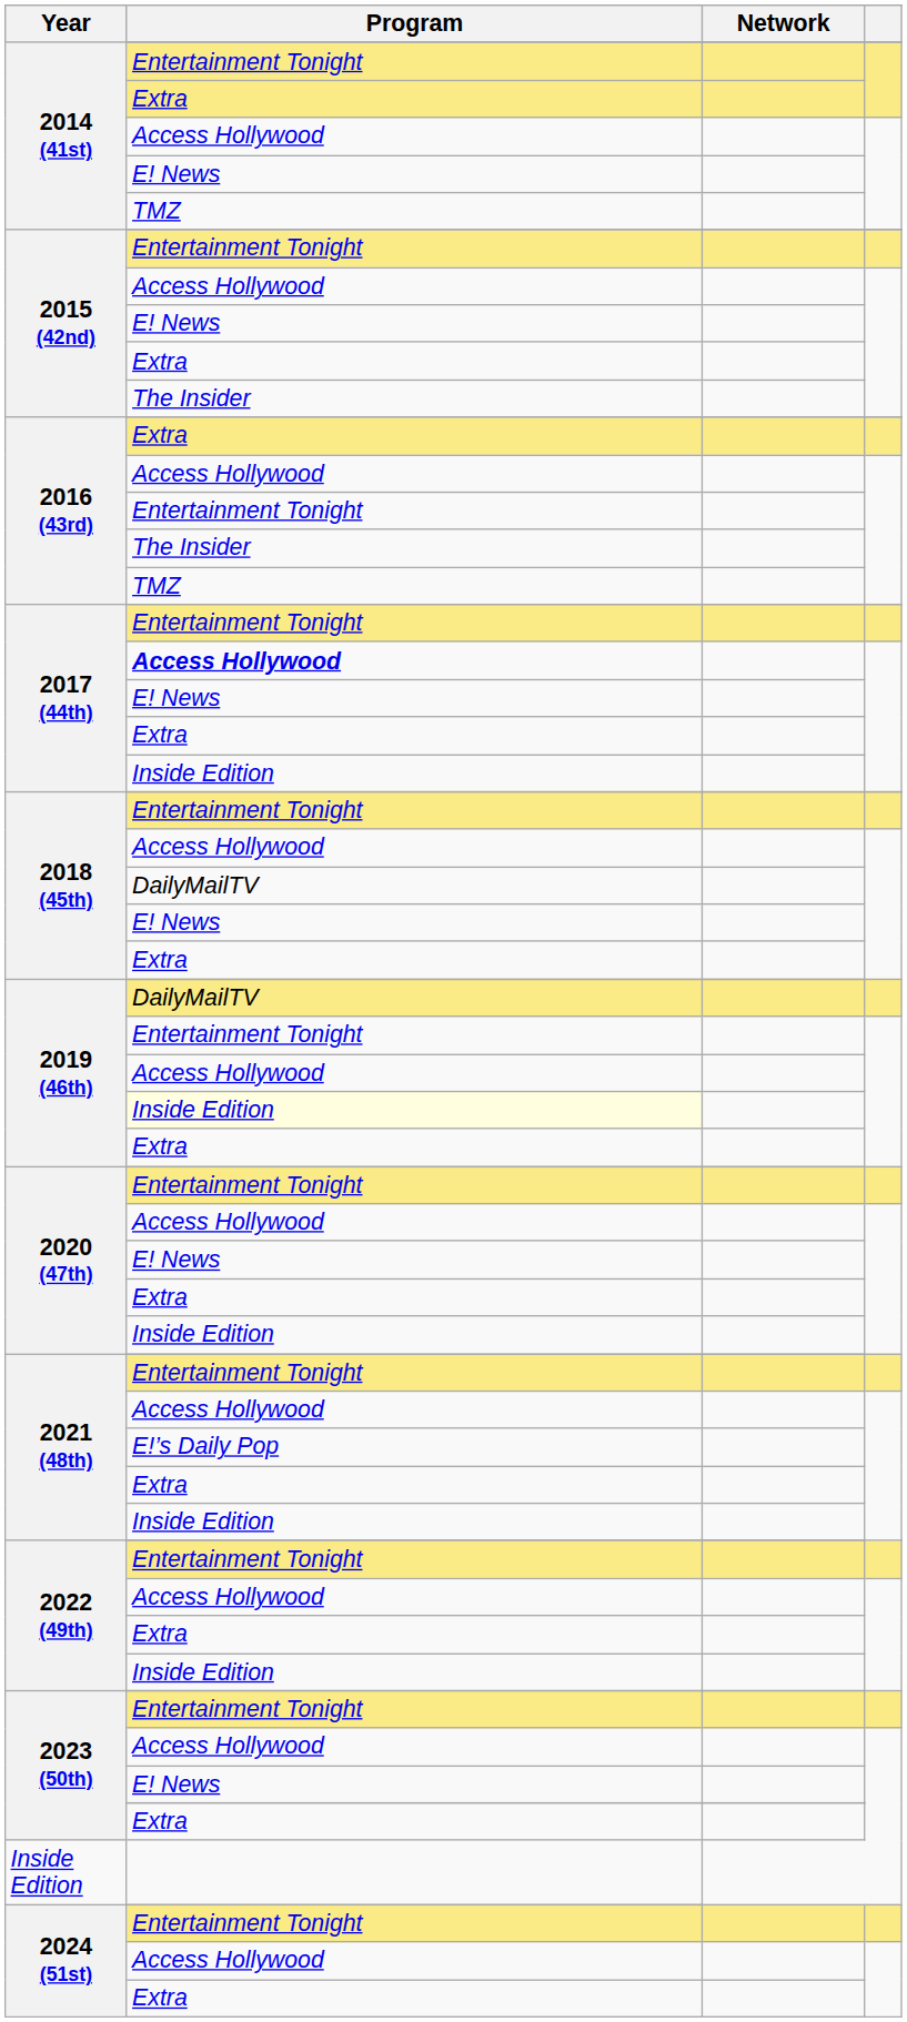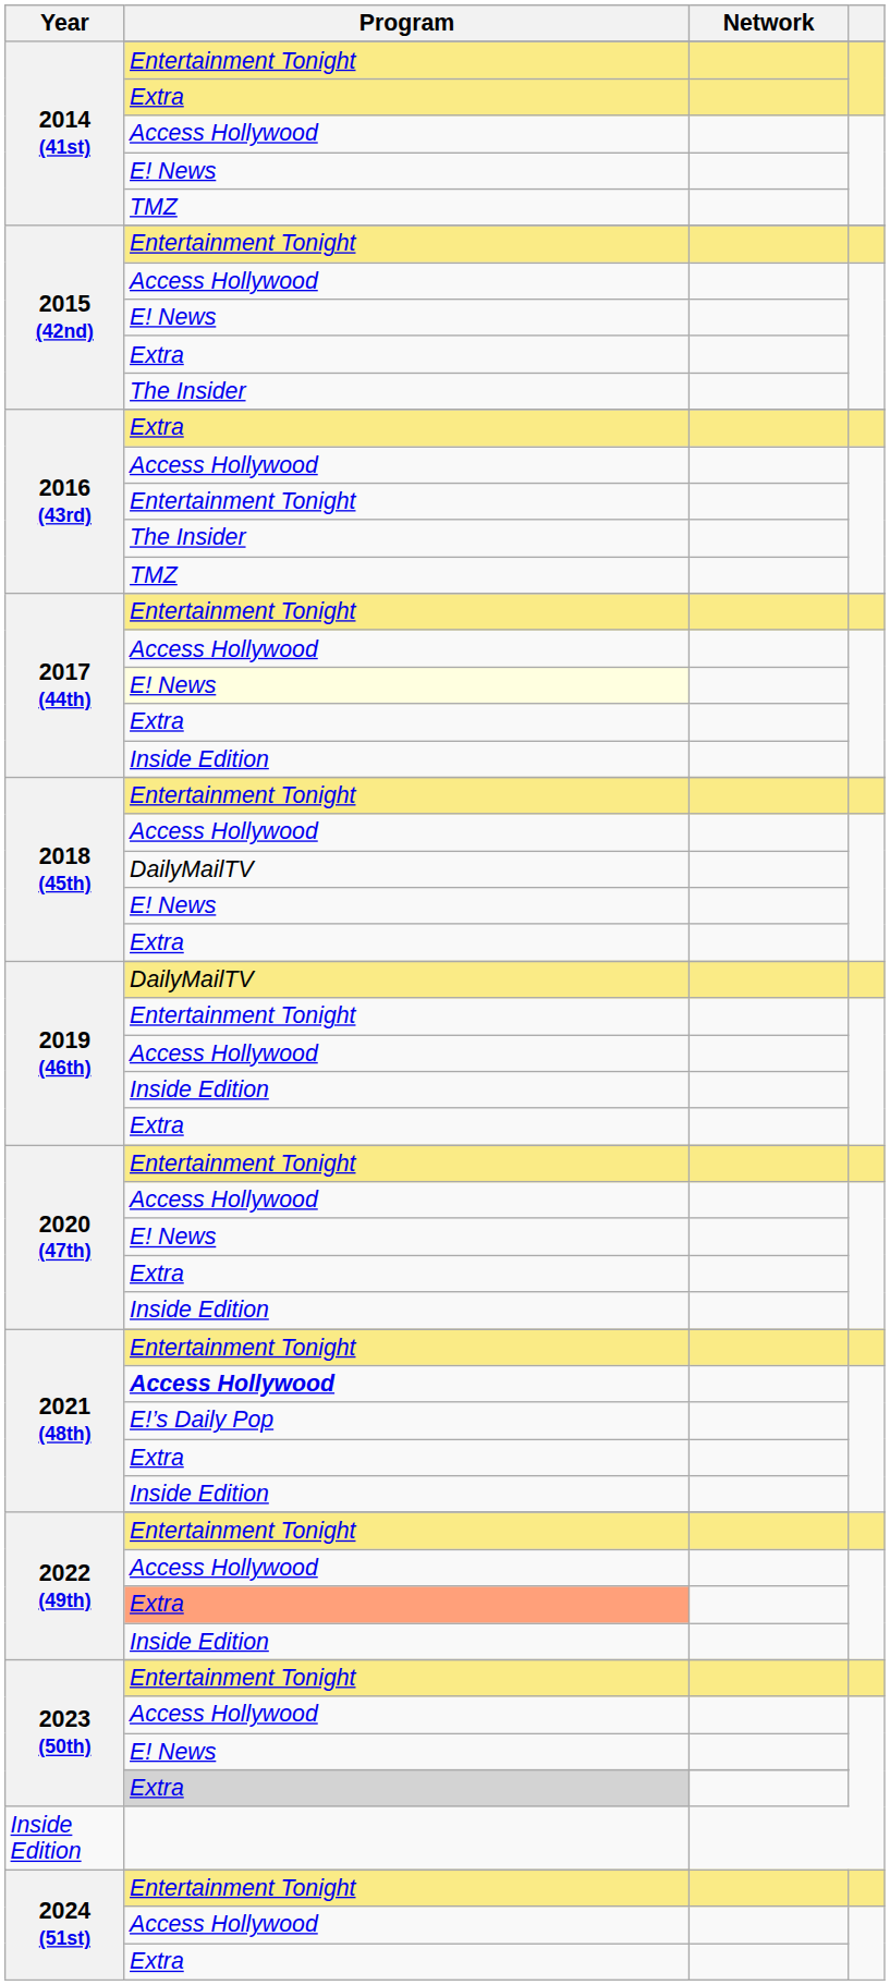 <table class="wikitable">
 <tr style="background:#bebebe;">
 <th style="width:4%;">Year</th>
 <th style="width:31%;">Program</th>
 <th style="width:6%;">Network</th>
 <th style="width:2%;"></th>
 </tr>
 <tr>
 <th scope="row" rowspan=6 style="text-align:center">2014 <br><small><a href='#'>(41st)</a></small></th>
 </tr>
 <tr style="background:#FAEB86">
 <td><em><a href='#'>Entertainment Tonight</a></em>  </td>
 <td></td>
 <td rowspan="2"></td>
 </tr>
 <tr style="background:#FAEB86">
 <td><em><a href='#'>Extra</a></em> </td>
 <td></td>
 </tr>
 <tr>
 <td><em><a href='#'>Access Hollywood</a></em></td>
 <td></td>
 <td rowspan="3"></td>
 </tr>
 <tr>
 <td><em><a href='#'>E! News</a></em></td>
 <td></td>
 </tr>
 <tr>
 <td><em><a href='#'>TMZ</a></em></td>
 <td></td>
 </tr>
 <tr>
 <th scope="row" rowspan=6 style="text-align:center">2015 <br><small><a href='#'>(42nd)</a></small></th>
 </tr>
 <tr style="background:#FAEB86">
 <td><em><a href='#'>Entertainment Tonight</a></em>  </td>
 <td></td>
 <td></td>
 </tr>
 <tr>
 <td><em><a href='#'>Access Hollywood</a></em></td>
 <td></td>
 <td rowspan="4"></td>
 </tr>
 <tr>
 <td><em><a href='#'>E! News</a></em></td>
 <td></td>
 </tr>
 <tr>
 <td><em><a href='#'>Extra</a></em></td>
 <td></td>
 </tr>
 <tr>
 <td><em><a href='#'>The Insider</a></em></td>
 <td></td>
 </tr>
 <tr>
 <th scope="row" rowspan=6 style="text-align:center">2016 <br><small><a href='#'>(43rd)</a></small></th>
 </tr>
 <tr style="background:#FAEB86">
 <td><em><a href='#'>Extra</a></em> </td>
 <td></td>
 <td></td>
 </tr>
 <tr>
 <td><em><a href='#'>Access Hollywood</a></em></td>
 <td></td>
 <td rowspan="4"></td>
 </tr>
 <tr>
 <td><em><a href='#'>Entertainment Tonight</a></em></td>
 <td></td>
 </tr>
 <tr>
 <td><em><a href='#'>The Insider</a></em></td>
 <td></td>
 </tr>
 <tr>
 <td><em><a href='#'>TMZ</a></em></td>
 <td></td>
 </tr>
 <tr>
 <th scope="row" rowspan=6 style="text-align:center">2017 <br><small><a href='#'>(44th)</a></small></th>
 </tr>
 <tr style="background:#FAEB86">
 <td><em><a href='#'>Entertainment Tonight</a></em>  </td>
 <td></td>
 <td></td>
 </tr>
 <tr>
-<td><strong><em><a href='#'>Access Hollywood</a></em></strong></td>
+<td><em><a href='#'>Access Hollywood</a></em></td>
 <td></td>
 <td rowspan=4></td>
 </tr>
 <tr>
-<td><em><a href='#'>E! News</a></em></td>
+<td style="background: lightyellow;"><em><a href='#'>E! News</a></em></td>
 <td></td>
 </tr>
 <tr>
 <td><em><a href='#'>Extra</a></em></td>
 <td></td>
 </tr>
 <tr>
 <td><em><a href='#'>Inside Edition</a></em></td>
 <td></td>
 </tr>
 <tr>
 <th scope="row" rowspan=6 style="text-align:center">2018 <br><small><a href='#'>(45th)</a></small></th>
 </tr>
 <tr style="background:#FAEB86">
 <td><em><a href='#'>Entertainment Tonight</a></em>  </td>
 <td></td>
 <td></td>
 </tr>
 <tr>
 <td><em><a href='#'>Access Hollywood</a></em></td>
 <td></td>
 </tr>
 <tr>
 <td><em>DailyMailTV</em></td>
 <td></td>
 </tr>
 <tr>
 <td><em><a href='#'>E! News</a></em></td>
 <td></td>
 </tr>
 <tr>
 <td><em><a href='#'>Extra</a></em></td>
 <td></td>
 </tr>
 <tr>
 <th scope="row" rowspan=6 style="text-align:center">2019 <br><small><a href='#'>(46th)</a></small></th>
 </tr>
 <tr style="background:#FAEB86">
 <td><em>DailyMailTV</em> </td>
 <td></td>
 <td></td>
 </tr>
 <tr>
 <td><em><a href='#'>Entertainment Tonight</a></em></td>
 <td></td>
 </tr>
 <tr>
 <td><em><a href='#'>Access Hollywood</a></em></td>
 <td></td>
 </tr>
 <tr>
-<td style="background: lightyellow;"><em><a href='#'>Inside Edition</a></em></td>
+<td><em><a href='#'>Inside Edition</a></em></td>
 <td></td>
 </tr>
 <tr>
 <td><em><a href='#'>Extra</a></em></td>
 <td></td>
 </tr>
 <tr>
 <th scope="row" rowspan=6 style="text-align:center">2020 <br><small><a href='#'>(47th)</a></small></th>
 </tr>
 <tr style="background:#FAEB86">
 <td><em><a href='#'>Entertainment Tonight</a></em>  </td>
 <td></td>
 <td></td>
 </tr>
 <tr>
 <td><em><a href='#'>Access Hollywood</a></em></td>
 <td></td>
 </tr>
 <tr>
 <td><em><a href='#'>E! News</a></em></td>
 <td></td>
 </tr>
 <tr>
 <td><em><a href='#'>Extra</a></em></td>
 <td></td>
 </tr>
 <tr>
 <td><em><a href='#'>Inside Edition</a></em></td>
 <td></td>
 </tr>
 <tr>
 <th scope="row" rowspan=6 style="text-align:center">2021 <br><small><a href='#'>(48th)</a></small></th>
 </tr>
 <tr style="background:#FAEB86">
 <td><em><a href='#'>Entertainment Tonight</a></em>  </td>
 <td></td>
 <td></td>
 </tr>
 <tr>
-<td><em><a href='#'>Access Hollywood</a></em></td>
+<td><strong><em><a href='#'>Access Hollywood</a></em></strong></td>
 <td></td>
 </tr>
 <tr>
 <td><em><a href='#'>E!’s Daily Pop</a></em></td>
 <td></td>
 </tr>
 <tr>
 <td><em><a href='#'>Extra</a></em></td>
 <td></td>
 </tr>
 <tr>
 <td><em><a href='#'>Inside Edition</a></em></td>
 <td></td>
 </tr>
 <tr>
 <th scope="row" rowspan=5 style="text-align:center">2022<br><small><a href='#'>(49th)</a></small></th>
 </tr>
 <tr style="background:#FAEB86">
 <td><em><a href='#'>Entertainment Tonight</a></em>  </td>
 <td></td>
 <td></td>
 </tr>
 <tr>
 <td><em><a href='#'>Access Hollywood</a></em></td>
 <td></td>
 </tr>
 <tr>
-<td><em><a href='#'>Extra</a></em></td>
+<td style="background: lightsalmon;"><em><a href='#'>Extra</a></em></td>
 <td></td>
 </tr>
 <tr>
 <td><em><a href='#'>Inside Edition</a></em></td>
 <td></td>
 </tr>
 <tr>
 <th scope="row" rowspan=6 style="text-align:center">2023<br><small><a href='#'>(50th)</a></small></th>
 </tr>
 <tr style="background:#FAEB86">
 <td><em><a href='#'>Entertainment Tonight</a></em>  </td>
 <td></td>
 <td></td>
 </tr>
 <tr>
 <td><em><a href='#'>Access Hollywood</a></em></td>
 <td></td>
 </tr>
 <tr>
 <td><em><a href='#'>E! News</a></em></td>
 <td></td>
 </tr>
 <tr>
 </tr>
 <tr>
-<td><em><a href='#'>Extra</a></em></td>
+<td style="background: lightgrey;"><em><a href='#'>Extra</a></em></td>
 <td></td>
 </tr>
 <tr>
 <td><em><a href='#'>Inside Edition</a></em></td>
 <td></td>
 </tr>
 <tr>
 <th scope="row" rowspan=6 style="text-align:center">2024<br><small><a href='#'>(51st)</a></small></th>
 </tr>
 <tr style="background:#FAEB86">
 <td><em><a href='#'>Entertainment Tonight</a></em>  </td>
 <td></td>
 <td></td>
 </tr>
 <tr>
 <td><em><a href='#'>Access Hollywood</a></em></td>
 <td></td>
 </tr>
 <tr>
 <td><em><a href='#'>Extra</a></em></td>
 <td></td>
 </tr>
 <tr>
 </tr>
 </table>
